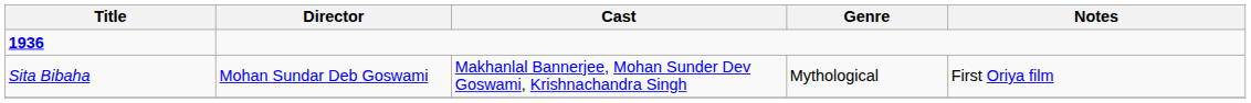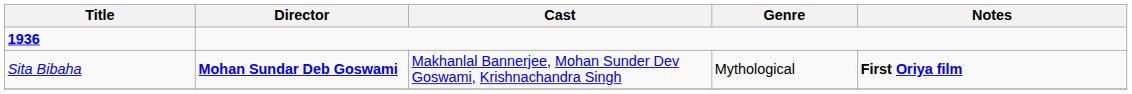 <table class="wikitable">
 <tr>
 <th width=17%>Title</th>
 <th width=19%>Director</th>
 <th width=27%>Cast</th>
 <th width=13%>Genre</th>
 <th width=24%>Notes</th>
 </tr>
 <tr>
 <td><strong><a href='#'>1936</a></strong></td>
 </tr>
 <tr>
 <td><em><a href='#'>Sita Bibaha</a></em></td>
-<td><a href='#'>Mohan Sundar Deb Goswami</a></td>
+<td><strong><a href='#'>Mohan Sundar Deb Goswami</a></strong></td>
 <td><a href='#'>Makhanlal Bannerjee</a>, <a href='#'>Mohan Sunder Dev Goswami</a>, <a href='#'>Krishnachandra Singh</a></td>
 <td>Mythological</td>
-<td>First <a href='#'>Oriya film</a></td>
+<td><strong>First <a href='#'>Oriya film</a></strong></td>
 </tr>
 <tr>
 </tr>
 </table>
